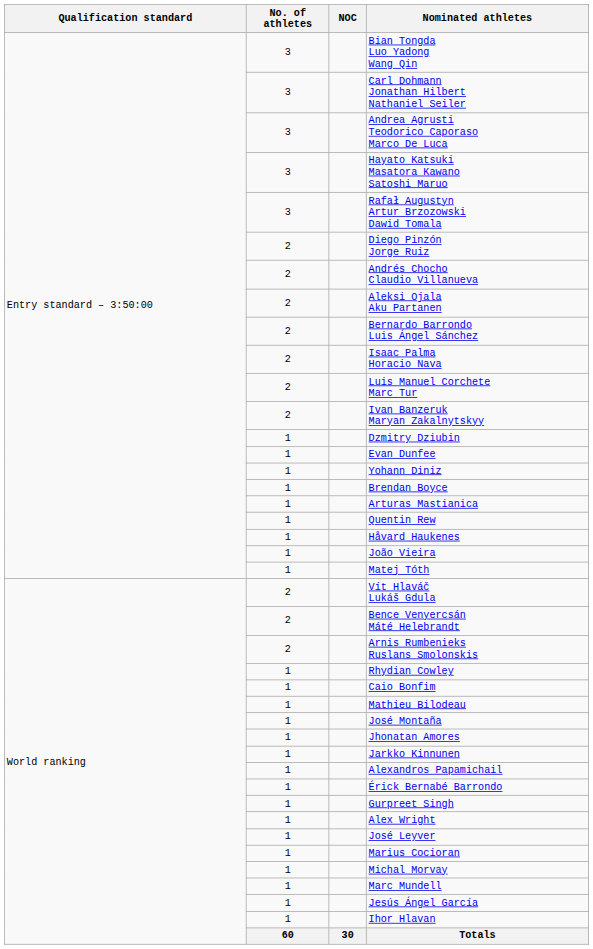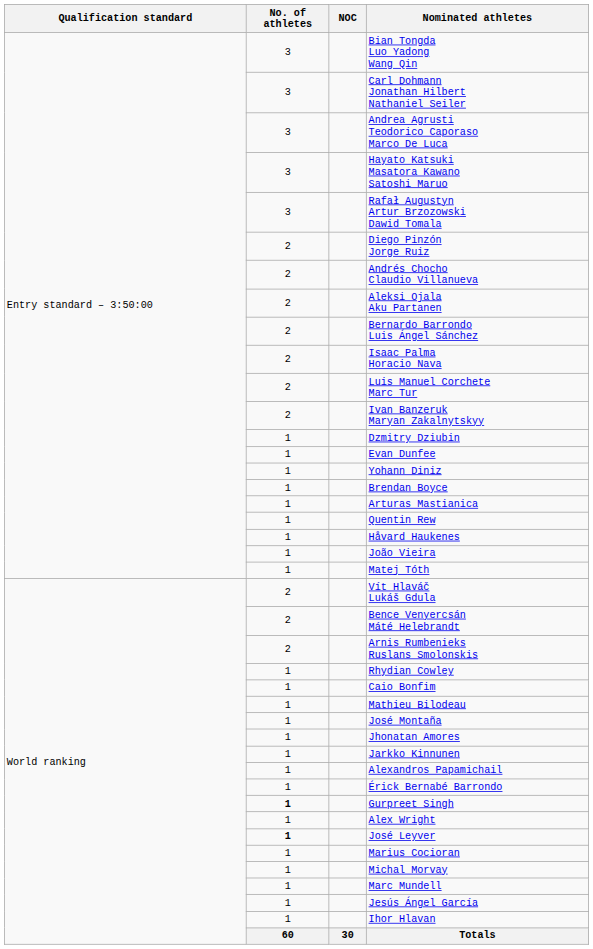 <table class="wikitable" style="text-align:left; width:750px;">
 <tr>
 <th>Qualification standard</th>
 <th width=100>No. of athletes</th>
 <th>NOC</th>
 <th>Nominated athletes</th>
 </tr>
 <tr>
 <td rowspan=21>Entry standard – 3:50:00</td>
 <td align=center>3</td>
 <td></td>
 <td><a href='#'>Bian Tongda</a><br><a href='#'>Luo Yadong</a><br><a href='#'>Wang Qin</a></td>
 </tr>
 <tr>
 <td align=center>3</td>
 <td></td>
 <td><a href='#'>Carl Dohmann</a><br><a href='#'>Jonathan Hilbert</a><br><a href='#'>Nathaniel Seiler</a></td>
 </tr>
 <tr>
 <td align="center">3</td>
 <td></td>
 <td><a href='#'>Andrea Agrusti</a><br><a href='#'>Teodorico Caporaso</a><br><a href='#'>Marco De Luca</a></td>
 </tr>
 <tr>
 <td align=center>3</td>
 <td></td>
 <td><a href='#'>Hayato Katsuki</a><br><a href='#'>Masatora Kawano</a><br><a href='#'>Satoshi Maruo</a></td>
 </tr>
 <tr>
 <td align="center">3</td>
 <td></td>
 <td><a href='#'>Rafał Augustyn</a><br><a href='#'>Artur Brzozowski</a><br><a href='#'>Dawid Tomala</a></td>
 </tr>
 <tr>
 <td align=center>2</td>
 <td></td>
 <td><a href='#'>Diego Pinzón</a><br><a href='#'>Jorge Ruiz</a></td>
 </tr>
 <tr>
 <td align=center>2</td>
 <td></td>
 <td><a href='#'>Andrés Chocho</a><br><a href='#'>Claudio Villanueva</a></td>
 </tr>
 <tr>
 <td align=center>2</td>
 <td></td>
 <td><a href='#'>Aleksi Ojala</a><br><a href='#'>Aku Partanen</a></td>
 </tr>
 <tr>
 <td align="center">2</td>
 <td></td>
 <td><a href='#'>Bernardo Barrondo</a><br><a href='#'>Luis Ángel Sánchez</a></td>
 </tr>
 <tr>
 <td align="center">2</td>
 <td></td>
 <td><a href='#'>Isaac Palma</a><br><a href='#'>Horacio Nava</a></td>
 </tr>
 <tr>
 <td align=center>2</td>
 <td></td>
 <td><a href='#'>Luis Manuel Corchete</a><br><a href='#'>Marc Tur</a></td>
 </tr>
 <tr>
 <td align=center>2</td>
 <td></td>
 <td><a href='#'>Ivan Banzeruk</a><br><a href='#'>Maryan Zakalnytskyy</a></td>
 </tr>
 <tr>
 <td align="center">1</td>
 <td></td>
 <td><a href='#'>Dzmitry Dziubin</a></td>
 </tr>
 <tr>
 <td align="center">1</td>
 <td></td>
 <td><a href='#'>Evan Dunfee</a></td>
 </tr>
 <tr>
 <td align=center>1</td>
 <td></td>
 <td><a href='#'>Yohann Diniz</a></td>
 </tr>
 <tr>
 <td align=center>1</td>
 <td></td>
 <td><a href='#'>Brendan Boyce</a></td>
 </tr>
 <tr>
 <td align=center>1</td>
 <td></td>
 <td><a href='#'>Arturas Mastianica</a></td>
 </tr>
 <tr>
 <td align=center>1</td>
 <td></td>
 <td><a href='#'>Quentin Rew</a></td>
 </tr>
 <tr>
 <td align=center>1</td>
 <td></td>
 <td><a href='#'>Håvard Haukenes</a></td>
 </tr>
 <tr>
 <td align=center>1</td>
 <td></td>
 <td><a href='#'>João Vieira</a></td>
 </tr>
 <tr>
 <td align=center>1</td>
 <td></td>
 <td><a href='#'>Matej Tóth</a></td>
 </tr>
 <tr>
 <td rowspan=20>World ranking</td>
 <td align=center>2</td>
 <td></td>
 <td><a href='#'>Vít Hlaváč</a><br><a href='#'>Lukáš Gdula</a></td>
 </tr>
 <tr>
 <td align=center>2</td>
 <td></td>
 <td><a href='#'>Bence Venyercsán</a><br><a href='#'>Máté Helebrandt</a></td>
 </tr>
 <tr>
 <td align=center>2</td>
 <td></td>
 <td><a href='#'>Arnis Rumbenieks</a><br><a href='#'>Ruslans Smolonskis</a></td>
 </tr>
 <tr>
 <td align=center>1</td>
 <td></td>
 <td><a href='#'>Rhydian Cowley</a></td>
 </tr>
 <tr>
 <td align=center>1</td>
 <td></td>
 <td><a href='#'>Caio Bonfim</a></td>
 </tr>
 <tr>
 <td align="center">1</td>
 <td></td>
 <td><a href='#'>Mathieu Bilodeau</a></td>
 </tr>
 <tr>
 <td align=center>1</td>
 <td></td>
 <td><a href='#'>José Montaña</a></td>
 </tr>
 <tr>
 <td align=center>1</td>
 <td></td>
 <td><a href='#'>Jhonatan Amores</a></td>
 </tr>
 <tr>
 <td align=center>1</td>
 <td></td>
 <td><a href='#'>Jarkko Kinnunen</a></td>
 </tr>
 <tr>
 <td align=center>1</td>
 <td></td>
 <td><a href='#'>Alexandros Papamichail</a></td>
 </tr>
 <tr>
 <td align="center">1</td>
 <td></td>
 <td><a href='#'>Érick Bernabé Barrondo</a></td>
 </tr>
 <tr>
-<td align=center>1</td>
+<td align=center><strong>1</strong></td>
 <td></td>
 <td><a href='#'>Gurpreet Singh</a></td>
 </tr>
 <tr>
 <td align=center>1</td>
 <td></td>
 <td><a href='#'>Alex Wright</a></td>
 </tr>
 <tr>
-<td align="center">1</td>
+<td align="center"><strong>1</strong></td>
 <td></td>
 <td><a href='#'>José Leyver</a></td>
 </tr>
 <tr>
 <td align=center>1</td>
 <td></td>
 <td><a href='#'>Marius Cocioran</a></td>
 </tr>
 <tr>
 <td align=center>1</td>
 <td></td>
 <td><a href='#'>Michal Morvay</a></td>
 </tr>
 <tr>
 <td align=center>1</td>
 <td></td>
 <td><a href='#'>Marc Mundell</a></td>
 </tr>
 <tr>
 <td align=center>1</td>
 <td></td>
 <td><a href='#'>Jesús Ángel García</a></td>
 </tr>
 <tr>
 <td align=center>1</td>
 <td></td>
 <td><a href='#'>Ihor Hlavan</a></td>
 </tr>
 <tr>
 <th>60</th>
 <th>30</th>
 <th>Totals</th>
 </tr>
 </table>
